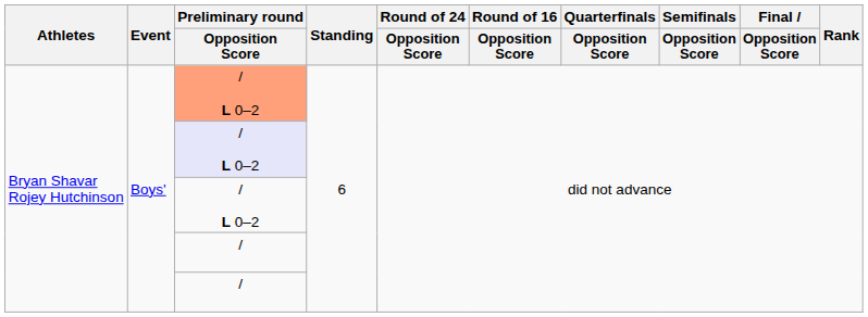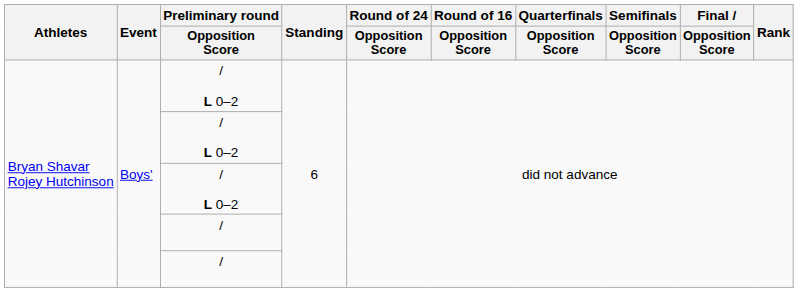 <table class=wikitable style="font-size:90%">
 <tr>
 <th rowspan="2">Athletes</th>
 <th rowspan="2">Event</th>
 <th>Preliminary round</th>
 <th rowspan="2">Standing</th>
 <th>Round of 24</th>
 <th>Round of 16</th>
 <th>Quarterfinals</th>
 <th>Semifinals</th>
 <th>Final / </th>
 <th rowspan=2>Rank</th>
 </tr>
 <tr style="font-size:95%">
 <th>Opposition<br>Score</th>
 <th>Opposition<br>Score</th>
 <th>Opposition<br>Score</th>
 <th>Opposition<br>Score</th>
 <th>Opposition<br>Score</th>
 <th>Opposition<br>Score</th>
 </tr>
 <tr align=center>
 <td align=left rowspan=5><a href='#'>Bryan Shavar</a><br><a href='#'>Rojey Hutchinson</a></td>
 <td align=left rowspan=5><a href='#'>Boys'</a></td>
-<td style="background: lightsalmon;">/<br><br><strong>L</strong> 0–2</td>
+<td>/<br><br><strong>L</strong> 0–2</td>
 <td rowspan=5>6</td>
 <td rowspan=5 colspan=6>did not advance</td>
 </tr>
 <tr align=center>
-<td style="background: lavender;">/<br><br><strong>L</strong> 0–2</td>
+<td>/<br><br><strong>L</strong> 0–2</td>
 </tr>
 <tr align=center>
 <td>/<br><br><strong>L</strong> 0–2</td>
 </tr>
 <tr align=center>
 <td>/<br><br></td>
 </tr>
 <tr align=center>
 <td>/<br><br></td>
 </tr>
 </table>
